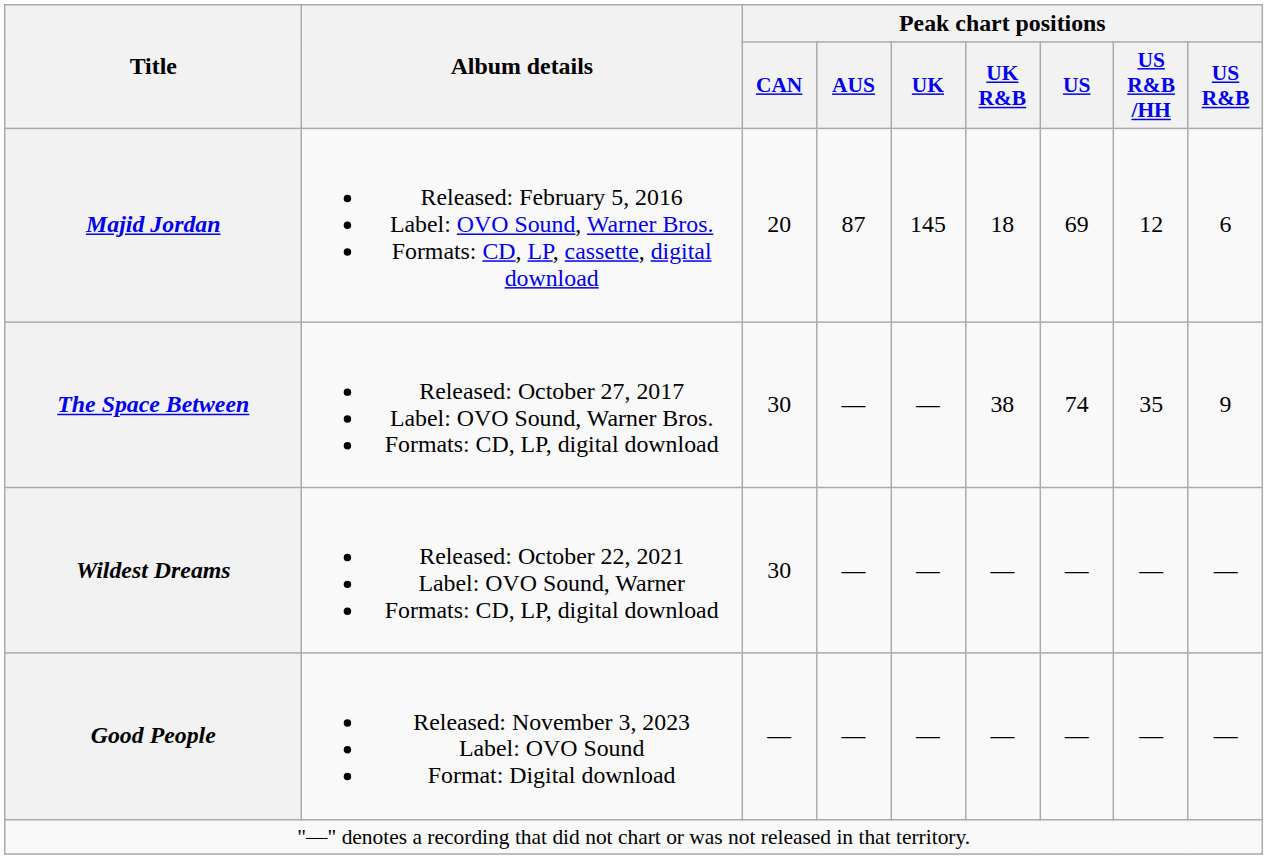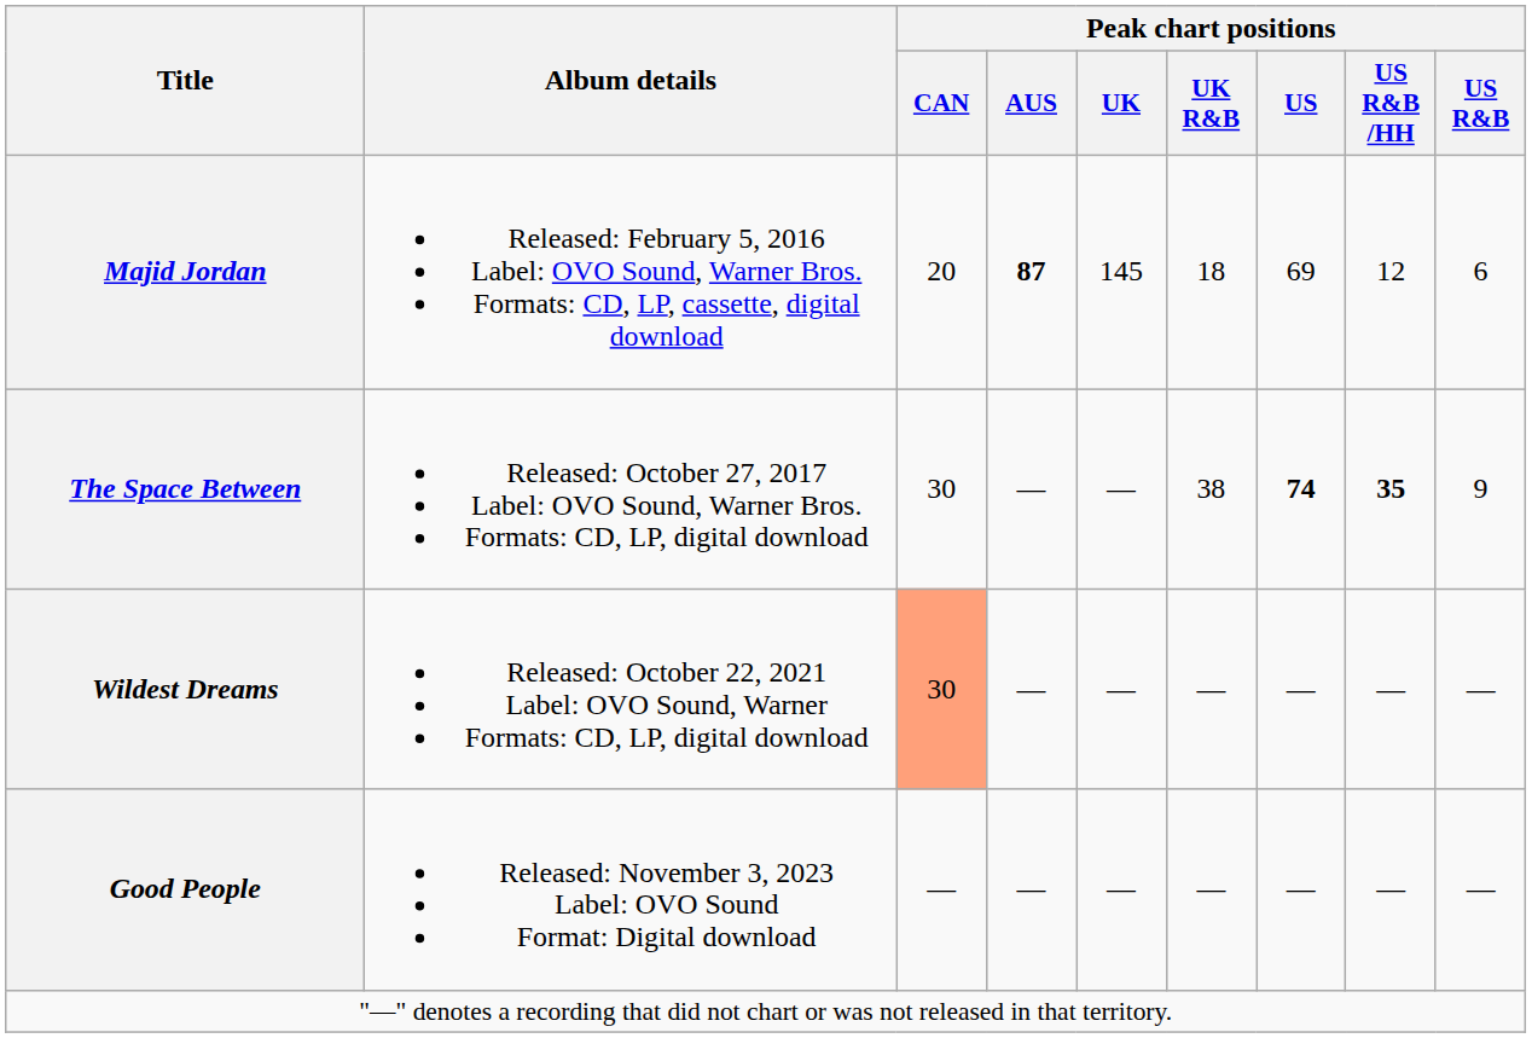 <table class="wikitable plainrowheaders" style="text-align:center;">
 <tr>
 <th scope="col" rowspan="2" style="width:12em;">Title</th>
 <th scope="col" rowspan="2" style="width:18em;">Album details</th>
 <th scope="col" colspan="7">Peak chart positions</th>
 </tr>
 <tr>
 <th scope="col" style="width:3em;font-size:90%;"><a href='#'>CAN</a><br></th>
 <th scope="col" style="width:3em;font-size:90%;"><a href='#'>AUS</a><br></th>
 <th scope="col" style="width:3em;font-size:90%;"><a href='#'>UK</a><br></th>
 <th scope="col" style="width:3em;font-size:90%;"><a href='#'>UK<br>R&B</a><br></th>
 <th scope="col" style="width:3em;font-size:90%;"><a href='#'>US</a><br></th>
 <th scope="col" style="width:3em;font-size:90%;"><a href='#'>US<br>R&B<br>/HH</a><br></th>
 <th scope="col" style="width:3em;font-size:90%;"><a href='#'>US<br>R&B</a><br></th>
 </tr>
 <tr>
 <th scope="row"><em><a href='#'>Majid Jordan</a></em></th>
 <td><br><ul><li>Released: February 5, 2016</li><li>Label: <a href='#'>OVO Sound</a>, <a href='#'>Warner Bros.</a></li><li>Formats: <a href='#'>CD</a>, <a href='#'>LP</a>, <a href='#'>cassette</a>, <a href='#'>digital download</a></li></ul></td>
 <td>20</td>
-<td>87</td>
+<td><strong>87</strong></td>
 <td>145</td>
 <td>18</td>
 <td>69</td>
 <td>12</td>
 <td>6</td>
 </tr>
 <tr>
 <th scope="row"><em><a href='#'>The Space Between</a></em></th>
 <td><br><ul><li>Released: October 27, 2017</li><li>Label: OVO Sound, Warner Bros.</li><li>Formats: CD, LP, digital download</li></ul></td>
 <td>30</td>
 <td>—</td>
 <td>—</td>
 <td>38</td>
-<td>74</td>
-<td>35</td>
+<td><strong>74</strong></td>
+<td><strong>35</strong></td>
 <td>9</td>
 </tr>
 <tr>
 <th scope="row"><em>Wildest Dreams</em></th>
 <td><br><ul><li>Released: October 22, 2021</li><li>Label: OVO Sound, Warner</li><li>Formats: CD, LP, digital download</li></ul></td>
-<td>30</td>
+<td style="background: lightsalmon;">30</td>
 <td>—</td>
 <td>—</td>
 <td>—</td>
 <td>—</td>
 <td>—</td>
 <td>—</td>
 </tr>
 <tr>
 <th scope="row"><em>Good People</em></th>
 <td><br><ul><li>Released: November 3, 2023</li><li>Label: OVO Sound</li><li>Format: Digital download</li></ul></td>
 <td>—</td>
 <td>—</td>
 <td>—</td>
 <td>—</td>
 <td>—</td>
 <td>—</td>
 <td>—</td>
 </tr>
 <tr>
 <td colspan="10" style="font-size:90%">"—" denotes a recording that did not chart or was not released in that territory.</td>
 </tr>
 </table>
